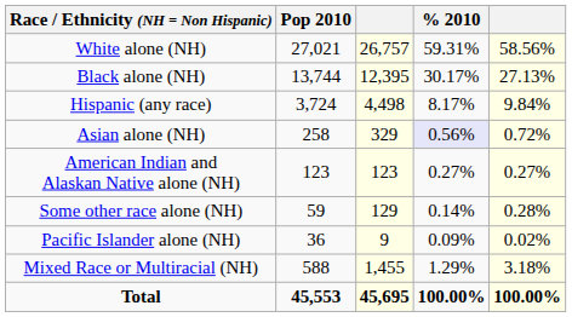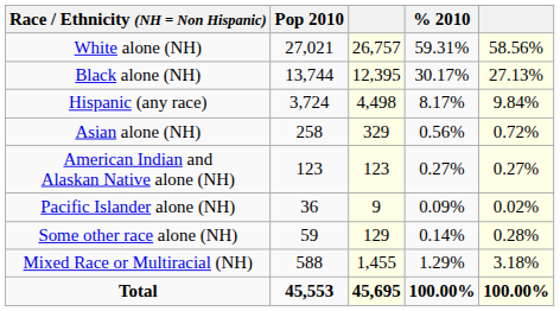 <table class="wikitable" style="text-align:center;">
 <tr>
 <th>Race / Ethnicity <em><small>(NH = Non Hispanic)</small></em></th>
 <th>Pop 2010</th>
 <th></th>
 <th>% 2010</th>
 <th></th>
 </tr>
 <tr>
 <td><a href='#'>White</a> alone (NH)</td>
 <td>27,021</td>
 <td style='background: #ffffe6;'>26,757</td>
 <td>59.31%</td>
 <td style='background: #ffffe6;'>58.56%</td>
 </tr>
 <tr>
 <td><a href='#'>Black</a> alone (NH)</td>
 <td>13,744</td>
 <td style='background: #ffffe6;'>12,395</td>
 <td>30.17%</td>
 <td style='background: #ffffe6;'>27.13%</td>
 </tr>
 <tr>
 <td><a href='#'>Hispanic</a> (any race)</td>
 <td>3,724</td>
 <td style='background: #ffffe6;'>4,498</td>
 <td>8.17%</td>
 <td style='background: #ffffe6;'>9.84%</td>
 </tr>
 <tr>
 <td><a href='#'>Asian</a> alone (NH)</td>
 <td>258</td>
 <td style='background: #ffffe6;'>329</td>
-<td style="background: lavender;">0.56%</td>
+<td>0.56%</td>
 <td style='background: #ffffe6;'>0.72%</td>
 </tr>
 <tr>
 <td><a href='#'>American Indian</a> and<br><a href='#'>Alaskan Native</a> alone (NH)</td>
 <td>123</td>
 <td style='background: #ffffe6;'>123</td>
 <td>0.27%</td>
 <td style='background: #ffffe6;'>0.27%</td>
 </tr>
 <tr>
+<td><a href='#'>Pacific Islander</a> alone (NH)</td>
+<td>36</td>
+<td style="background: #ffffe6; ">9</td>
+<td>0.09%</td>
+<td style="background: #ffffe6; ">0.02%</td>
+</tr>
+<tr>
 <td><a href='#'>Some other race</a> alone (NH)</td>
 <td>59</td>
 <td style="background: #ffffe6; ">129</td>
 <td>0.14%</td>
 <td style="background: #ffffe6; ">0.28%</td>
-</tr>
-<tr>
-<td><a href='#'>Pacific Islander</a> alone (NH)</td>
-<td>36</td>
-<td style="background: #ffffe6; ">9</td>
-<td>0.09%</td>
-<td style="background: #ffffe6; ">0.02%</td>
 </tr>
 <tr>
 <td><a href='#'>Mixed Race or Multiracial</a> (NH)</td>
 <td>588</td>
 <td style="background: #ffffe6; ">1,455</td>
 <td>1.29%</td>
 <td style="background: #ffffe6; ">3.18%</td>
 </tr>
 <tr>
 <td><strong>Total</strong></td>
 <td><strong>45,553</strong></td>
 <td style='background: #ffffe6;'><strong>45,695</strong></td>
 <td><strong>100.00%</strong></td>
 <td style='background: #ffffe6;'><strong>100.00%</strong></td>
 </tr>
 </table>
